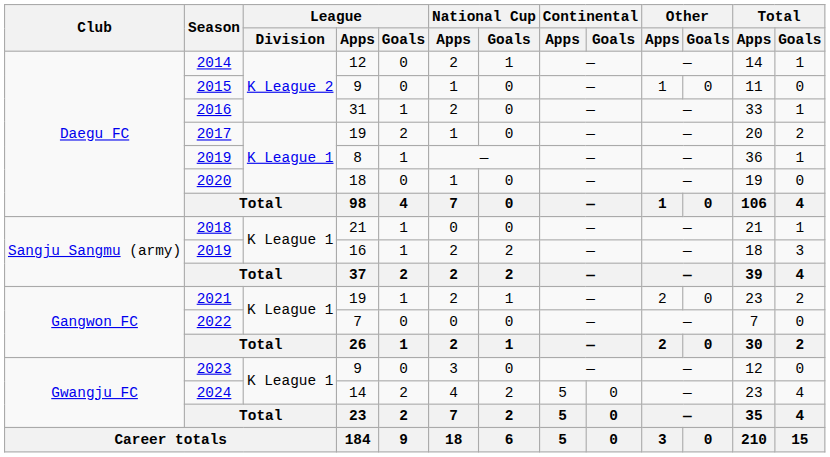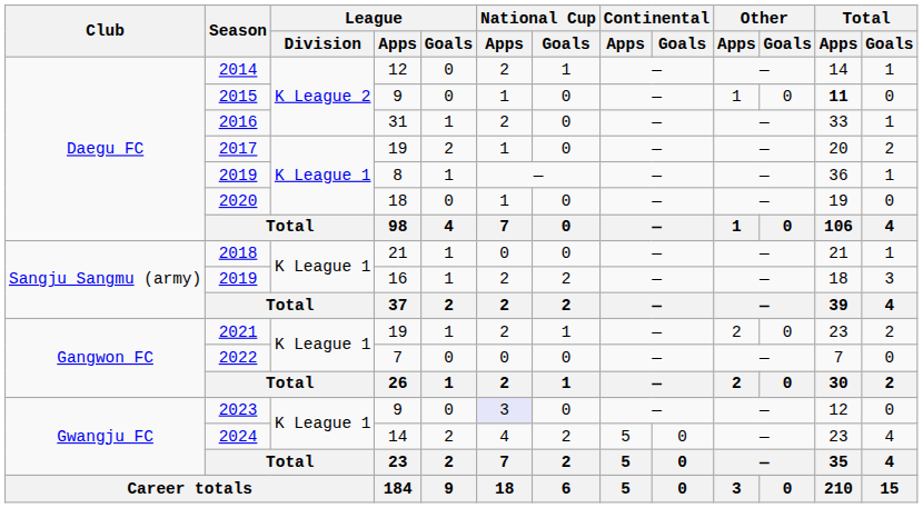 <table class="wikitable" style="text-align:center">
 <tr>
 <th rowspan="2">Club</th>
 <th rowspan="2">Season</th>
 <th colspan="3">League</th>
 <th colspan="2">National Cup</th>
 <th colspan="2">Continental</th>
 <th colspan="2">Other</th>
 <th colspan="2">Total</th>
 </tr>
 <tr>
 <th>Division</th>
 <th>Apps</th>
 <th>Goals</th>
 <th>Apps</th>
 <th>Goals</th>
 <th>Apps</th>
 <th>Goals</th>
 <th>Apps</th>
 <th>Goals</th>
 <th>Apps</th>
 <th>Goals</th>
 </tr>
 <tr>
 <td rowspan="7"><a href='#'>Daegu FC</a></td>
 <td><a href='#'>2014</a></td>
 <td rowspan="3"><a href='#'>K League 2</a></td>
 <td>12</td>
 <td>0</td>
 <td>2</td>
 <td>1</td>
 <td colspan="2">—</td>
 <td colspan="2">—</td>
 <td>14</td>
 <td>1</td>
 </tr>
 <tr>
 <td><a href='#'>2015</a></td>
 <td>9</td>
 <td>0</td>
 <td>1</td>
 <td>0</td>
 <td colspan="2">—</td>
 <td>1</td>
 <td>0</td>
-<td>11</td>
+<td><strong>11</strong></td>
 <td>0</td>
 </tr>
 <tr>
 <td><a href='#'>2016</a></td>
 <td>31</td>
 <td>1</td>
 <td>2</td>
 <td>0</td>
 <td colspan="2">—</td>
 <td colspan="2">—</td>
 <td>33</td>
 <td>1</td>
 </tr>
 <tr>
 <td><a href='#'>2017</a></td>
 <td rowspan="3"><a href='#'>K League 1</a></td>
 <td>19</td>
 <td>2</td>
 <td>1</td>
 <td>0</td>
 <td colspan="2">—</td>
 <td colspan="2">—</td>
 <td>20</td>
 <td>2</td>
 </tr>
 <tr>
 <td><a href='#'>2019</a></td>
 <td>8</td>
 <td>1</td>
 <td colspan="2">—</td>
 <td colspan="2">—</td>
 <td colspan="2">—</td>
 <td>36</td>
 <td>1</td>
 </tr>
 <tr>
 <td><a href='#'>2020</a></td>
 <td>18</td>
 <td>0</td>
 <td>1</td>
 <td>0</td>
 <td colspan="2">—</td>
 <td colspan="2">—</td>
 <td>19</td>
 <td>0</td>
 </tr>
 <tr>
 <th colspan="2">Total</th>
 <th>98</th>
 <th>4</th>
 <th>7</th>
 <th>0</th>
 <th colspan="2">—</th>
 <th>1</th>
 <th>0</th>
 <th>106</th>
 <th>4</th>
 </tr>
 <tr>
 <td rowspan="3"><a href='#'>Sangju Sangmu</a> (army)</td>
 <td><a href='#'>2018</a></td>
 <td rowspan="2">K League 1</td>
 <td>21</td>
 <td>1</td>
 <td>0</td>
 <td>0</td>
 <td colspan="2">—</td>
 <td colspan="2">—</td>
 <td>21</td>
 <td>1</td>
 </tr>
 <tr>
 <td><a href='#'>2019</a></td>
 <td>16</td>
 <td>1</td>
 <td>2</td>
 <td>2</td>
 <td colspan="2">—</td>
 <td colspan="2">—</td>
 <td>18</td>
 <td>3</td>
 </tr>
 <tr>
 <th colspan="2">Total</th>
 <th>37</th>
 <th>2</th>
 <th>2</th>
 <th>2</th>
 <th colspan="2">—</th>
 <th colspan="2">—</th>
 <th>39</th>
 <th>4</th>
 </tr>
 <tr>
 <td rowspan="3"><a href='#'>Gangwon FC</a></td>
 <td><a href='#'>2021</a></td>
 <td rowspan="2">K League 1</td>
 <td>19</td>
 <td>1</td>
 <td>2</td>
 <td>1</td>
 <td colspan="2">—</td>
 <td>2</td>
 <td>0</td>
 <td>23</td>
 <td>2</td>
 </tr>
 <tr>
 <td><a href='#'>2022</a></td>
 <td>7</td>
 <td>0</td>
 <td>0</td>
 <td>0</td>
 <td colspan="2">—</td>
 <td colspan="2">—</td>
 <td>7</td>
 <td>0</td>
 </tr>
 <tr>
 <th colspan="2">Total</th>
 <th>26</th>
 <th>1</th>
 <th>2</th>
 <th>1</th>
 <th colspan="2">—</th>
 <th>2</th>
 <th>0</th>
 <th>30</th>
 <th>2</th>
 </tr>
 <tr>
 <td rowspan="3"><a href='#'>Gwangju FC</a></td>
 <td><a href='#'>2023</a></td>
 <td rowspan="2">K League 1</td>
 <td>9</td>
 <td>0</td>
-<td>3</td>
+<td style="background: lavender;">3</td>
 <td>0</td>
 <td colspan="2">—</td>
 <td colspan="2">—</td>
 <td>12</td>
 <td>0</td>
 </tr>
 <tr>
 <td><a href='#'>2024</a></td>
 <td>14</td>
 <td>2</td>
 <td>4</td>
 <td>2</td>
 <td>5</td>
 <td>0</td>
 <td colspan="2">—</td>
 <td>23</td>
 <td>4</td>
 </tr>
 <tr>
 <th colspan="2">Total</th>
 <th>23</th>
 <th>2</th>
 <th>7</th>
 <th>2</th>
 <th>5</th>
 <th>0</th>
 <th colspan="2">—</th>
 <th>35</th>
 <th>4</th>
 </tr>
 <tr>
 <th colspan="3">Career totals</th>
 <th>184</th>
 <th>9</th>
 <th>18</th>
 <th>6</th>
 <th>5</th>
 <th>0</th>
 <th>3</th>
 <th>0</th>
 <th>210</th>
 <th>15</th>
 </tr>
 </table>
